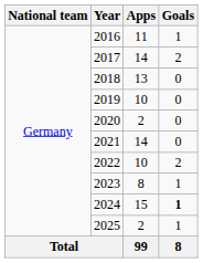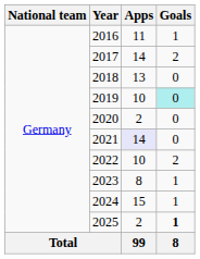 <table class="wikitable" style="text-align:center">
 <tr>
 <th>National team</th>
 <th>Year</th>
 <th>Apps</th>
 <th>Goals</th>
 </tr>
 <tr>
 <td rowspan=10><a href='#'>Germany</a></td>
 <td>2016</td>
 <td>11</td>
 <td>1</td>
 </tr>
 <tr>
 <td>2017</td>
 <td>14</td>
 <td>2</td>
 </tr>
 <tr>
 <td>2018</td>
 <td>13</td>
 <td>0</td>
 </tr>
 <tr>
 <td>2019</td>
 <td>10</td>
-<td>0</td>
+<td style="background: paleturquoise;">0</td>
 </tr>
 <tr>
 <td>2020</td>
 <td>2</td>
 <td>0</td>
 </tr>
 <tr>
 <td>2021</td>
-<td>14</td>
+<td style="background: lavender;">14</td>
 <td>0</td>
 </tr>
 <tr>
 <td>2022</td>
 <td>10</td>
 <td>2</td>
 </tr>
 <tr>
 <td>2023</td>
 <td>8</td>
 <td>1</td>
 </tr>
 <tr>
 <td>2024</td>
 <td>15</td>
-<td><strong>1</strong></td>
+<td>1</td>
 </tr>
 <tr>
 <td>2025</td>
 <td>2</td>
-<td>1</td>
+<td><strong>1</strong></td>
 </tr>
 <tr>
 <th colspan=2>Total</th>
 <th>99</th>
 <th>8</th>
 </tr>
 </table>
